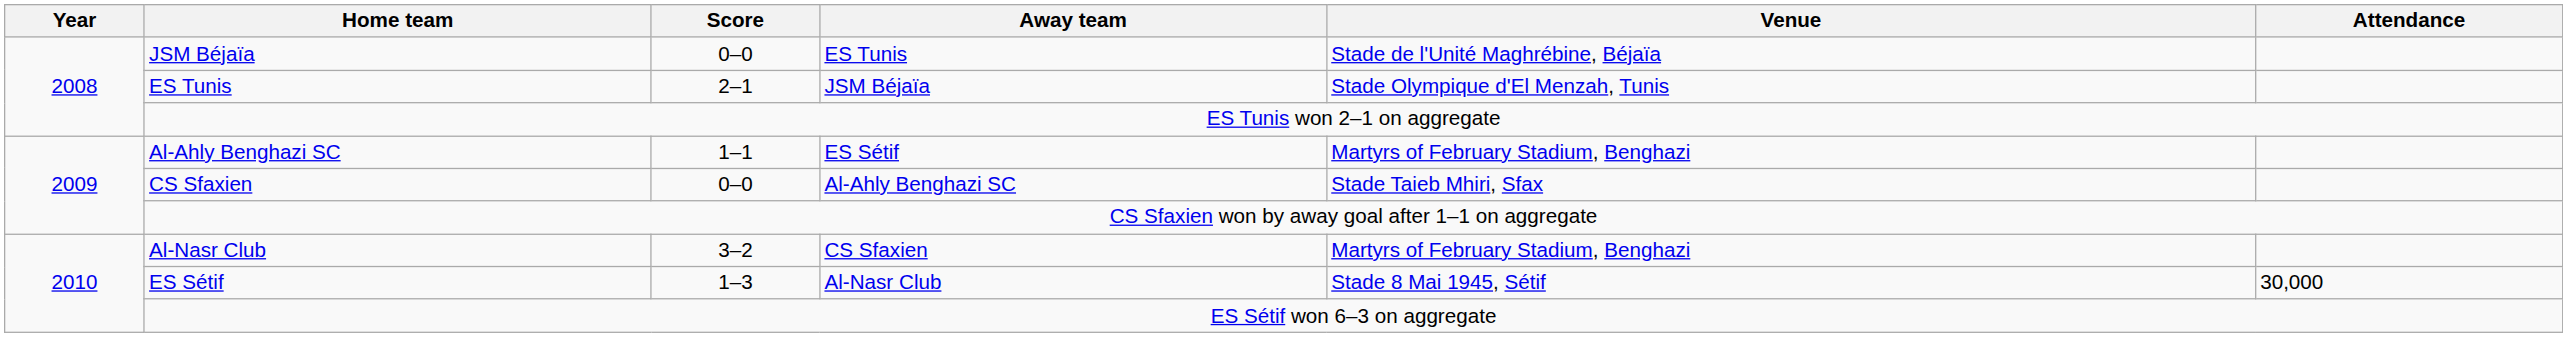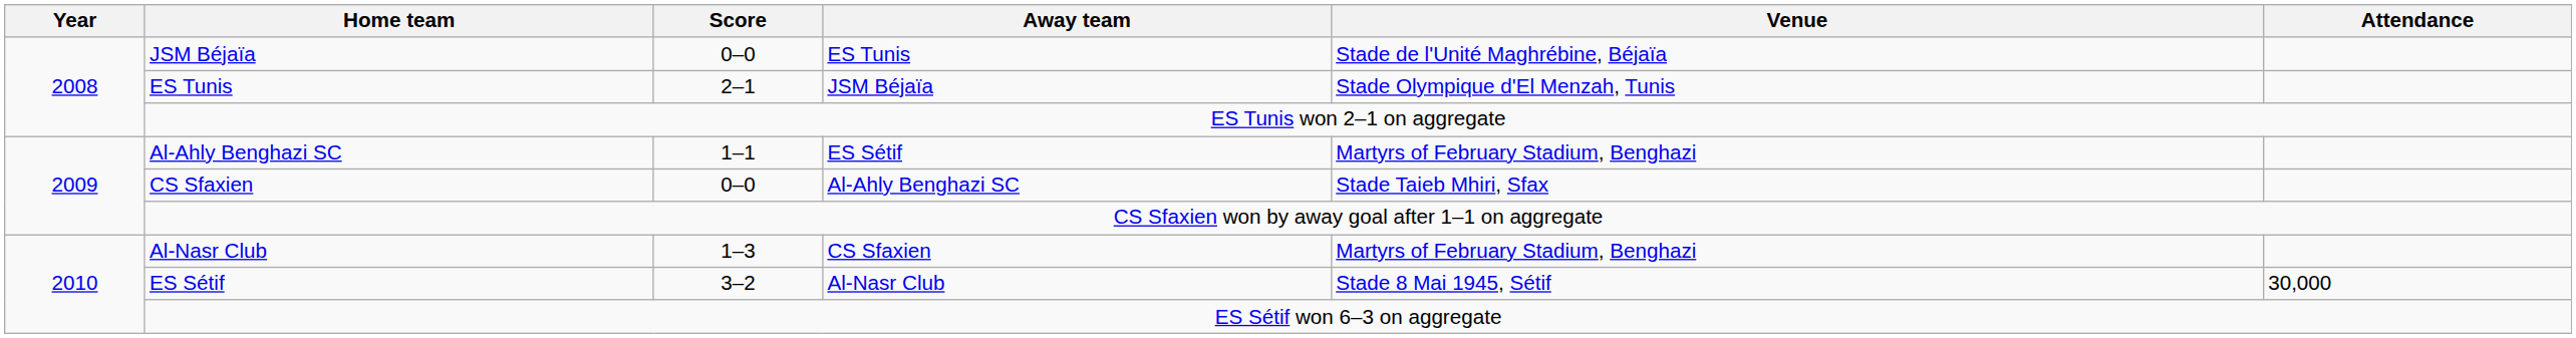 <table class="wikitable" width="100%">
 <tr>
 <th>Year</th>
 <th>Home team</th>
 <th>Score</th>
 <th>Away team</th>
 <th>Venue</th>
 <th>Attendance</th>
 </tr>
 <tr>
 <td align=center rowspan=3><a href='#'>2008</a></td>
 <td> <a href='#'>JSM Béjaïa</a></td>
 <td align=center>0–0</td>
 <td> <a href='#'>ES Tunis</a></td>
 <td><a href='#'>Stade de l'Unité Maghrébine</a>, <a href='#'>Béjaïa</a></td>
 <td></td>
 </tr>
 <tr>
 <td> <a href='#'>ES Tunis</a></td>
 <td align=center>2–1</td>
 <td> <a href='#'>JSM Béjaïa</a></td>
 <td><a href='#'>Stade Olympique d'El Menzah</a>, <a href='#'>Tunis</a></td>
 <td></td>
 </tr>
 <tr align=center>
 <td colspan=5><a href='#'>ES Tunis</a> won 2–1 on aggregate</td>
 </tr>
 <tr>
 <td align=center rowspan=3><a href='#'>2009</a></td>
 <td> <a href='#'>Al-Ahly Benghazi SC</a></td>
 <td align=center>1–1</td>
 <td> <a href='#'>ES Sétif</a></td>
 <td><a href='#'>Martyrs of February Stadium</a>, <a href='#'>Benghazi</a></td>
 <td></td>
 </tr>
 <tr>
 <td> <a href='#'>CS Sfaxien</a></td>
 <td align=center>0–0</td>
 <td> <a href='#'>Al-Ahly Benghazi SC</a></td>
 <td><a href='#'>Stade Taieb Mhiri</a>, <a href='#'>Sfax</a></td>
 <td></td>
 </tr>
 <tr align=center>
 <td colspan=5><a href='#'>CS Sfaxien</a> won by away goal after 1–1 on aggregate</td>
 </tr>
 <tr>
 <td align=center rowspan=3><a href='#'>2010</a></td>
 <td> <a href='#'>Al-Nasr Club</a></td>
-<td align=center>3–2</td>
+<td align=center>1–3</td>
 <td> <a href='#'>CS Sfaxien</a></td>
 <td><a href='#'>Martyrs of February Stadium</a>, <a href='#'>Benghazi</a></td>
 <td></td>
 </tr>
 <tr>
 <td> <a href='#'>ES Sétif</a></td>
-<td align=center>1–3</td>
+<td align=center>3–2</td>
 <td> <a href='#'>Al-Nasr Club</a></td>
 <td><a href='#'>Stade 8 Mai 1945</a>, <a href='#'>Sétif</a></td>
 <td>30,000</td>
 </tr>
 <tr align=center>
 <td colspan=5><a href='#'>ES Sétif</a> won 6–3 on aggregate</td>
 </tr>
 </table>
